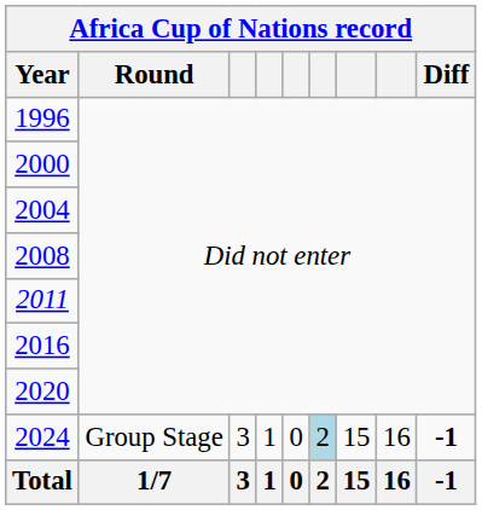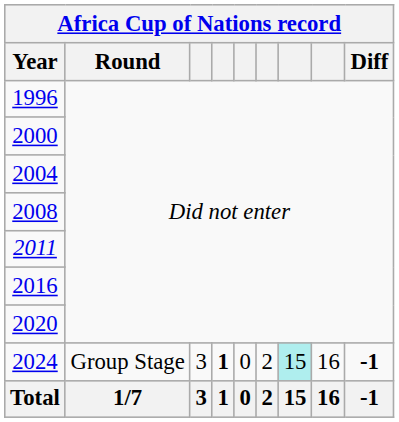 <table class="wikitable" style="text-align: center;font-size:90%;">
 <tr>
 <th colspan=9><a href='#'>Africa Cup of Nations record</a></th>
 </tr>
 <tr>
 <th>Year</th>
 <th>Round</th>
 <th></th>
 <th></th>
 <th></th>
 <th></th>
 <th></th>
 <th></th>
 <th>Diff</th>
 </tr>
 <tr>
 <td> <a href='#'>1996</a></td>
 <td colspan=8 rowspan=7><em>Did not enter</em></td>
 </tr>
 <tr>
 <td> <a href='#'>2000</a></td>
 </tr>
 <tr>
 <td> <a href='#'>2004</a></td>
 </tr>
 <tr>
 <td> <a href='#'>2008</a></td>
 </tr>
 <tr>
 <td> <em><a href='#'>2011</a></em></td>
 </tr>
 <tr>
 <td> <a href='#'>2016</a></td>
 </tr>
 <tr>
 <td> <a href='#'>2020</a></td>
 </tr>
 <tr>
 <td> <a href='#'>2024</a></td>
 <td>Group Stage</td>
 <td>3</td>
-<td>1</td>
+<td><strong>1</strong></td>
 <td>0</td>
-<td style="background: lightblue;">2</td>
-<td>15</td>
+<td>2</td>
+<td style="background: paleturquoise;">15</td>
 <td>16</td>
 <td><strong>-1</strong></td>
 </tr>
 <tr>
 <th>Total</th>
 <th>1/7</th>
 <th>3</th>
 <th>1</th>
 <th>0</th>
 <th>2</th>
 <th>15</th>
 <th>16</th>
 <th>-1</th>
 </tr>
 </table>
